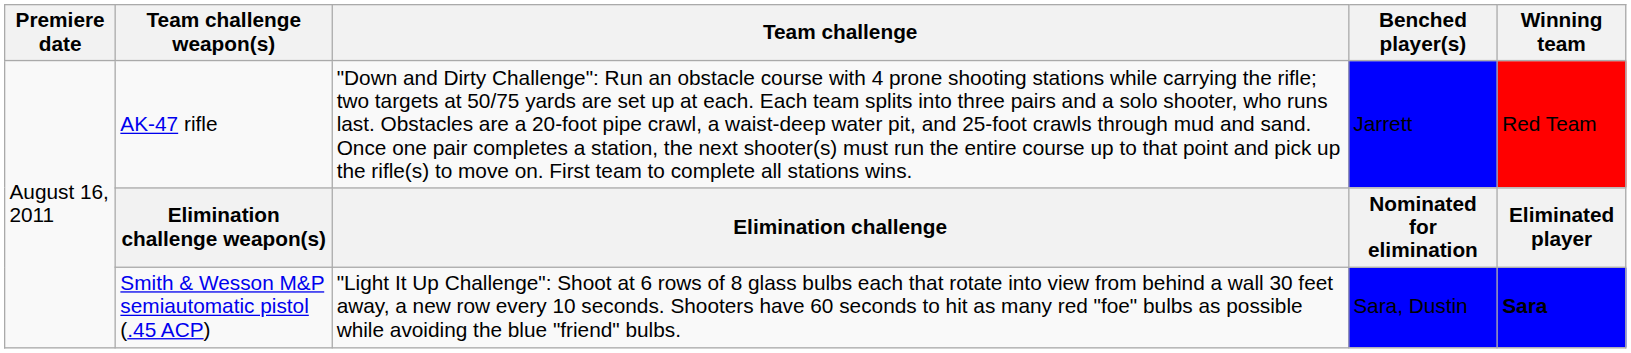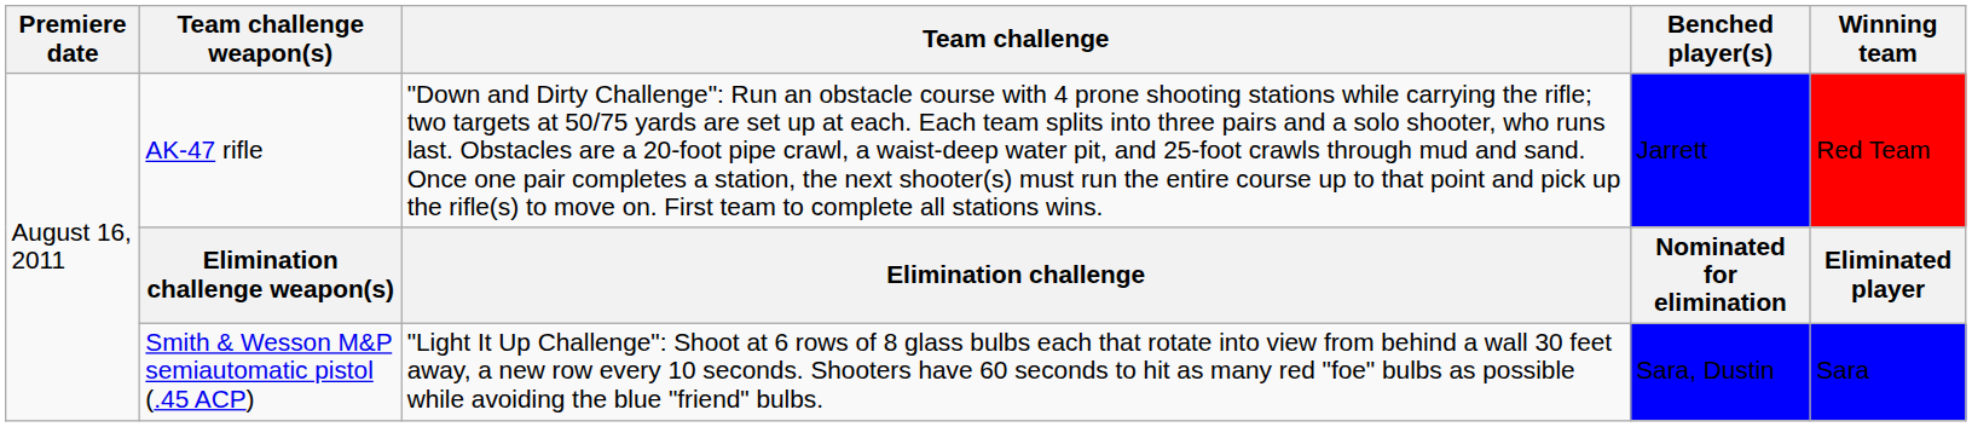 <table class="wikitable">
 <tr>
 <th>Premiere date</th>
 <th>Team challenge weapon(s)</th>
 <th>Team challenge</th>
 <th>Benched player(s)</th>
 <th>Winning team</th>
 </tr>
 <tr>
 <td rowspan="3">August 16, 2011</td>
 <td><a href='#'>AK-47</a> rifle</td>
 <td>"Down and Dirty Challenge": Run an obstacle course with 4 prone shooting stations while carrying the rifle; two targets at 50/75 yards are set up at each. Each team splits into three pairs and a solo shooter, who runs last. Obstacles are a 20-foot pipe crawl, a waist-deep water pit, and 25-foot crawls through mud and sand. Once one pair completes a station, the next shooter(s) must run the entire course up to that point and pick up the rifle(s) to move on. First team to complete all stations wins.</td>
 <td style="background:blue;"><span>Jarrett</span></td>
 <td style="background:red;"><span>Red Team</span></td>
 </tr>
 <tr>
 <th>Elimination challenge weapon(s)</th>
 <th>Elimination challenge</th>
 <th>Nominated for elimination</th>
 <th>Eliminated player</th>
 </tr>
 <tr>
 <td><a href='#'>Smith & Wesson M&P</a> <a href='#'>semiautomatic pistol</a> (<a href='#'>.45 ACP</a>)</td>
 <td>"Light It Up Challenge": Shoot at 6 rows of 8 glass bulbs each that rotate into view from behind a wall 30 feet away, a new row every 10 seconds. Shooters have 60 seconds to hit as many red "foe" bulbs as possible while avoiding the blue "friend" bulbs.</td>
 <td style="background:blue;"><span>Sara, Dustin</span></td>
-<td style="background:blue;"><strong><span>Sara</span></strong></td>
+<td style="background:blue;"><span>Sara</span></td>
 </tr>
 </table>
